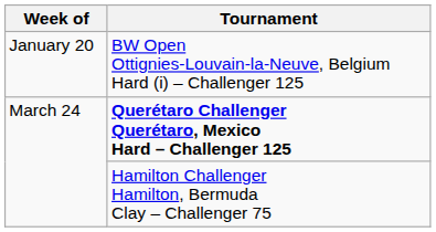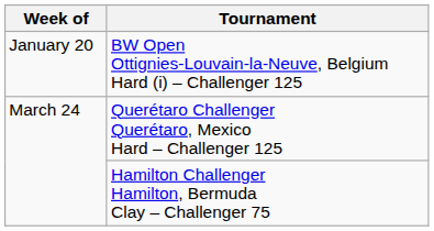 <table class=wikitable style=font-size:85%>
 <tr>
 <th width=75>Week of</th>
 <th width=250>Tournament</th>
 </tr>
 <tr style="vertical-align:top">
 <td>January 20</td>
 <td><a href='#'>BW Open</a><br><a href='#'>Ottignies-Louvain-la-Neuve</a>, Belgium <br> Hard (i) – Challenger 125</td>
 </tr>
 <tr style="vertical-align:top">
 <td rowspan=2>March 24</td>
-<td><strong><a href='#'>Querétaro Challenger</a><br><a href='#'>Querétaro</a>, Mexico <br> Hard – Challenger 125</strong></td>
+<td><a href='#'>Querétaro Challenger</a><br><a href='#'>Querétaro</a>, Mexico <br> Hard – Challenger 125</td>
 </tr>
 <tr style="vertical-align:top">
 <td><a href='#'>Hamilton Challenger</a><br><a href='#'>Hamilton</a>, Bermuda <br> Clay – Challenger 75</td>
 </tr>
 </table>
